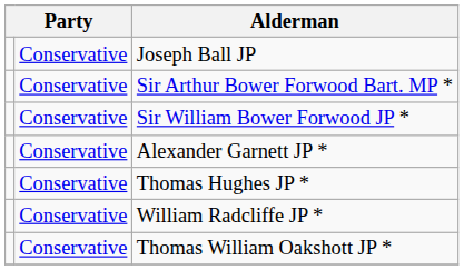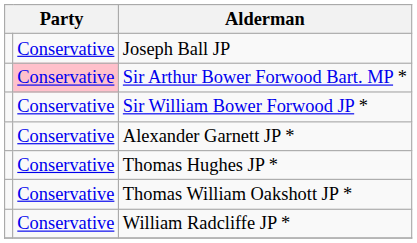 <table class="wikitable">
 <tr>
 <th colspan="2">Party</th>
 <th>Alderman</th>
 </tr>
 <tr>
 <td style="background-color:"></td>
 <td><a href='#'>Conservative</a></td>
 <td>Joseph Ball JP</td>
 </tr>
 <tr>
 <td style="background-color:"></td>
-<td><a href='#'>Conservative</a></td>
+<td style="background: pink;"><a href='#'>Conservative</a></td>
 <td><a href='#'>Sir Arthur Bower Forwood Bart. MP</a> *</td>
 </tr>
 <tr>
 <td style="background-color:"></td>
 <td><a href='#'>Conservative</a></td>
 <td><a href='#'>Sir William Bower Forwood JP</a> *</td>
 </tr>
 <tr>
 <td style="background-color:"></td>
 <td><a href='#'>Conservative</a></td>
 <td>Alexander Garnett JP *</td>
 </tr>
 <tr>
 <td style="background-color:"></td>
 <td><a href='#'>Conservative</a></td>
 <td>Thomas Hughes JP *</td>
 </tr>
 <tr>
 <td style="background-color:"></td>
 <td><a href='#'>Conservative</a></td>
-<td>William Radcliffe JP *</td>
+<td>Thomas William Oakshott JP *</td>
 </tr>
 <tr>
 <td style="background-color:"></td>
 <td><a href='#'>Conservative</a></td>
-<td>Thomas William Oakshott JP *</td>
+<td>William Radcliffe JP *</td>
 </tr>
 <tr>
 </tr>
 </table>
